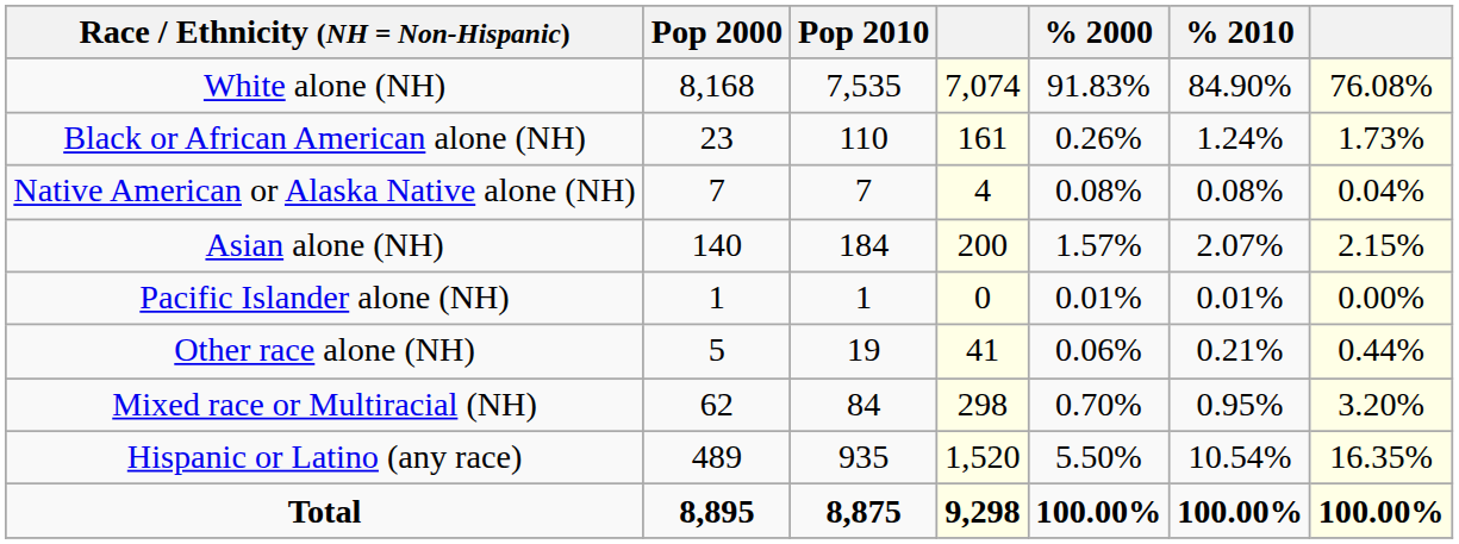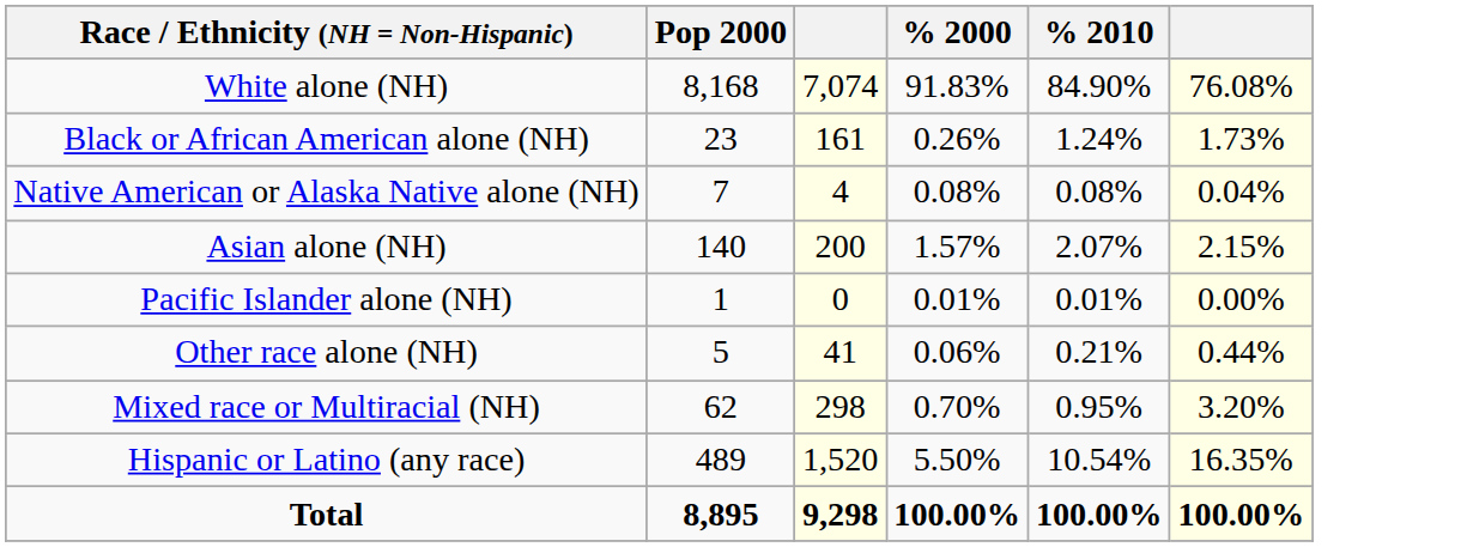 <table class="wikitable" style="text-align:center;">
 <tr>
 <th>Race / Ethnicity <small>(<em>NH = Non-Hispanic</em>)</small></th>
 <th>Pop 2000</th>
-<th>Pop 2010</th>
 <th></th>
 <th>% 2000</th>
 <th>% 2010</th>
 <th></th>
 </tr>
 <tr>
 <td><a href='#'>White</a> alone (NH)</td>
 <td>8,168</td>
-<td>7,535</td>
 <td style='background: #ffffe6;'>7,074</td>
 <td>91.83%</td>
 <td>84.90%</td>
 <td style='background: #ffffe6;'>76.08%</td>
 </tr>
 <tr>
 <td><a href='#'>Black or African American</a> alone (NH)</td>
 <td>23</td>
-<td>110</td>
 <td style='background: #ffffe6;'>161</td>
 <td>0.26%</td>
 <td>1.24%</td>
 <td style='background: #ffffe6;'>1.73%</td>
 </tr>
 <tr>
 <td><a href='#'>Native American</a> or <a href='#'>Alaska Native</a> alone (NH)</td>
-<td>7</td>
 <td>7</td>
 <td style='background: #ffffe6;'>4</td>
 <td>0.08%</td>
 <td>0.08%</td>
 <td style='background: #ffffe6;'>0.04%</td>
 </tr>
 <tr>
 <td><a href='#'>Asian</a> alone (NH)</td>
 <td>140</td>
-<td>184</td>
 <td style='background: #ffffe6;'>200</td>
 <td>1.57%</td>
 <td>2.07%</td>
 <td style='background: #ffffe6;'>2.15%</td>
 </tr>
 <tr>
 <td><a href='#'>Pacific Islander</a> alone (NH)</td>
-<td>1</td>
 <td>1</td>
 <td style='background: #ffffe6;'>0</td>
 <td>0.01%</td>
 <td>0.01%</td>
 <td style='background: #ffffe6;'>0.00%</td>
 </tr>
 <tr>
 <td><a href='#'>Other race</a> alone (NH)</td>
 <td>5</td>
-<td>19</td>
 <td style='background: #ffffe6;'>41</td>
 <td>0.06%</td>
 <td>0.21%</td>
 <td style='background: #ffffe6;'>0.44%</td>
 </tr>
 <tr>
 <td><a href='#'>Mixed race or Multiracial</a> (NH)</td>
 <td>62</td>
-<td>84</td>
 <td style='background: #ffffe6;'>298</td>
 <td>0.70%</td>
 <td>0.95%</td>
 <td style='background: #ffffe6;'>3.20%</td>
 </tr>
 <tr>
 <td><a href='#'>Hispanic or Latino</a> (any race)</td>
 <td>489</td>
-<td>935</td>
 <td style='background: #ffffe6;'>1,520</td>
 <td>5.50%</td>
 <td>10.54%</td>
 <td style='background: #ffffe6;'>16.35%</td>
 </tr>
 <tr>
 <td><strong>Total</strong></td>
 <td><strong>8,895</strong></td>
-<td><strong>8,875</strong></td>
 <td style='background: #ffffe6;'><strong>9,298</strong></td>
 <td><strong>100.00%</strong></td>
 <td><strong>100.00%</strong></td>
 <td style='background: #ffffe6;'><strong>100.00%</strong></td>
 </tr>
 </table>
